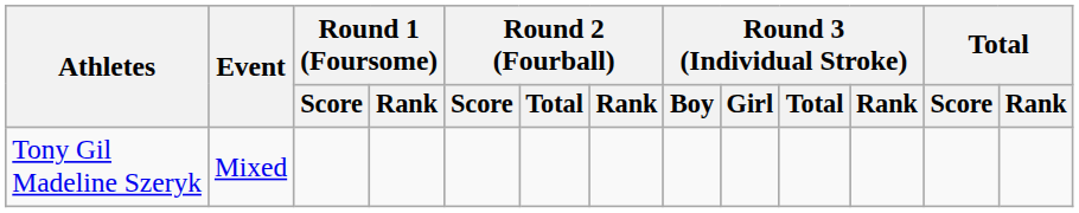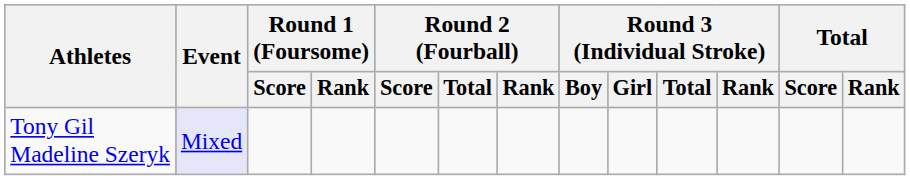 <table class="wikitable" style="font-size:90%">
 <tr>
 <th rowspan="2">Athletes</th>
 <th rowspan="2">Event</th>
 <th colspan="2">Round 1<br>(Foursome)</th>
 <th colspan="3">Round 2<br>(Fourball)</th>
 <th colspan="4">Round 3<br>(Individual Stroke)</th>
 <th colspan="2">Total</th>
 </tr>
 <tr style="font-size:95%">
 <th>Score</th>
 <th>Rank</th>
 <th>Score</th>
 <th>Total</th>
 <th>Rank</th>
 <th>Boy</th>
 <th>Girl</th>
 <th>Total</th>
 <th>Rank</th>
 <th>Score</th>
 <th>Rank</th>
 </tr>
 <tr align=center>
 <td align=left><a href='#'>Tony Gil</a><br><a href='#'>Madeline Szeryk</a></td>
-<td align=left><a href='#'>Mixed</a></td>
+<td align=left style="background: lavender;"><a href='#'>Mixed</a></td>
 <td></td>
 <td></td>
 <td></td>
 <td></td>
 <td></td>
 <td></td>
 <td></td>
 <td></td>
 <td></td>
 <td></td>
 <td></td>
 </tr>
 </table>
